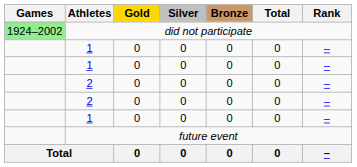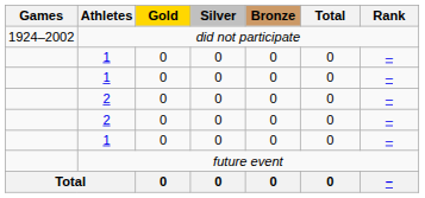 <table class="wikitable" style="text-align:center; font-size:90%;">
 <tr>
 <th>Games</th>
 <th>Athletes</th>
 <td style="background:gold; width:3.7em; font-weight:bold;">Gold</td>
 <td style="background:silver; width:3.7em; font-weight:bold;">Silver</td>
 <td style="background:#cc9966; width:3.7em; font-weight:bold;">Bronze</td>
 <th style="width:4em; font-weight:bold;">Total</th>
 <th style="width:4em; font-weight:bold;">Rank</th>
 </tr>
 <tr>
-<td align=left style="background: lightgreen;">1924–2002</td>
+<td align=left>1924–2002</td>
 <td colspan=6><em>did not participate</em></td>
 </tr>
 <tr>
 <td align=left></td>
 <td><a href='#'>1</a></td>
 <td>0</td>
 <td>0</td>
 <td>0</td>
 <td>0</td>
 <td><a href='#'>–</a></td>
 </tr>
 <tr>
 <td align=left></td>
 <td><a href='#'>1</a></td>
 <td>0</td>
 <td>0</td>
 <td>0</td>
 <td>0</td>
 <td><a href='#'>–</a></td>
 </tr>
 <tr>
 <td align=left></td>
 <td><a href='#'>2</a></td>
 <td>0</td>
 <td>0</td>
 <td>0</td>
 <td>0</td>
 <td><a href='#'>–</a></td>
 </tr>
 <tr>
 <td align=left></td>
 <td><a href='#'>2</a></td>
 <td>0</td>
 <td>0</td>
 <td>0</td>
 <td>0</td>
 <td><a href='#'>–</a></td>
 </tr>
 <tr>
 <td align=left></td>
 <td><a href='#'>1</a></td>
 <td>0</td>
 <td>0</td>
 <td>0</td>
 <td>0</td>
 <td><a href='#'>–</a></td>
 </tr>
 <tr>
 <td align=left></td>
 <td colspan=6; rowspan=1><em>future event</em></td>
 </tr>
 <tr>
 <th colspan=2>Total</th>
 <th>0</th>
 <th>0</th>
 <th>0</th>
 <th>0</th>
 <th><a href='#'>–</a></th>
 </tr>
 </table>
